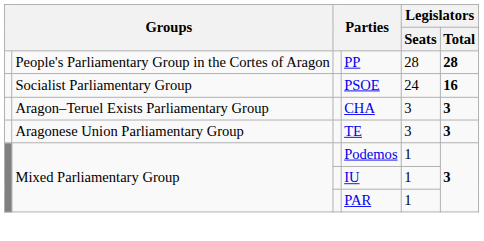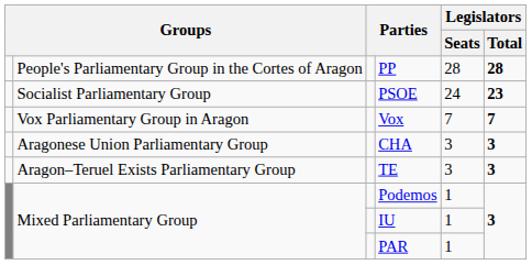 <table class="wikitable" style="text-align:left;">
 <tr>
 <th rowspan="2" colspan="2">Groups</th>
 <th rowspan="2" colspan="2">Parties</th>
 <th colspan="2">Legislators</th>
 </tr>
 <tr>
 <th>Seats</th>
 <th>Total</th>
 </tr>
 <tr>
 <td width="1" style="color:inherit;background:"></td>
 <td>People's Parliamentary Group in the Cortes of Aragon</td>
 <td width="1" style="color:inherit;background:"></td>
 <td align="left"><a href='#'>PP</a></td>
 <td>28</td>
 <td><strong>28</strong></td>
 </tr>
 <tr>
 <td style="color:inherit;background:"></td>
 <td>Socialist Parliamentary Group</td>
 <td width="1" style="color:inherit;background:"></td>
 <td align="left"><a href='#'>PSOE</a></td>
 <td>24</td>
-<td><strong>16</strong></td>
+<td><strong>23</strong></td>
 </tr>
 <tr>
 <td style="color:inherit;background:"></td>
-<td>Aragon–Teruel Exists Parliamentary Group</td>
+<td>Vox Parliamentary Group in Aragon</td>
+<td style="color:inherit;background:"></td>
+<td align="left"><a href='#'>Vox</a></td>
+<td>7</td>
+<td><strong>7</strong></td>
+</tr>
+<tr>
+<td style="color:inherit;background:"></td>
+<td>Aragonese Union Parliamentary Group</td>
 <td style="color:inherit;background:"></td>
 <td align="left"><a href='#'>CHA</a></td>
 <td>3</td>
 <td><strong>3</strong></td>
 </tr>
 <tr>
 <td style="color:inherit;background:"></td>
-<td>Aragonese Union Parliamentary Group</td>
+<td>Aragon–Teruel Exists Parliamentary Group</td>
 <td style="color:inherit;background:"></td>
 <td align="left"><a href='#'>TE</a></td>
 <td>3</td>
 <td><strong>3</strong></td>
 </tr>
 <tr>
 <td rowspan="3" bgcolor="gray"></td>
 <td rowspan="3">Mixed Parliamentary Group</td>
 <td style="color:inherit;background:"></td>
 <td align="left"><a href='#'>Podemos</a></td>
 <td>1</td>
 <td rowspan="3"><strong>3</strong></td>
 </tr>
 <tr>
 <td style="color:inherit;background:"></td>
 <td align="left"><a href='#'>IU</a></td>
 <td>1</td>
 </tr>
 <tr>
 <td style="color:inherit;background:"></td>
 <td align="left"><a href='#'>PAR</a></td>
 <td>1</td>
 </tr>
 </table>
